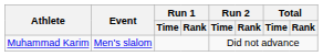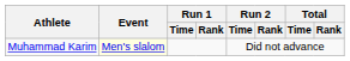 <table class="wikitable" style="font-size:90%">
 <tr>
 <th rowspan=2>Athlete</th>
 <th rowspan=2>Event</th>
 <th colspan=2>Run 1</th>
 <th colspan=2>Run 2</th>
 <th colspan=2>Total</th>
 </tr>
 <tr style="font-size:95%">
 <th>Time</th>
 <th>Rank</th>
 <th>Time</th>
 <th>Rank</th>
 <th>Time</th>
 <th>Rank</th>
 </tr>
 <tr align=center>
 <td align=left><a href='#'>Muhammad Karim</a></td>
-<td align=left><a href='#'>Men's slalom</a></td>
+<td align=left style="background: lightyellow;"><a href='#'>Men's slalom</a></td>
 <td colspan=2></td>
 <td colspan=4>Did not advance</td>
 </tr>
 </table>
